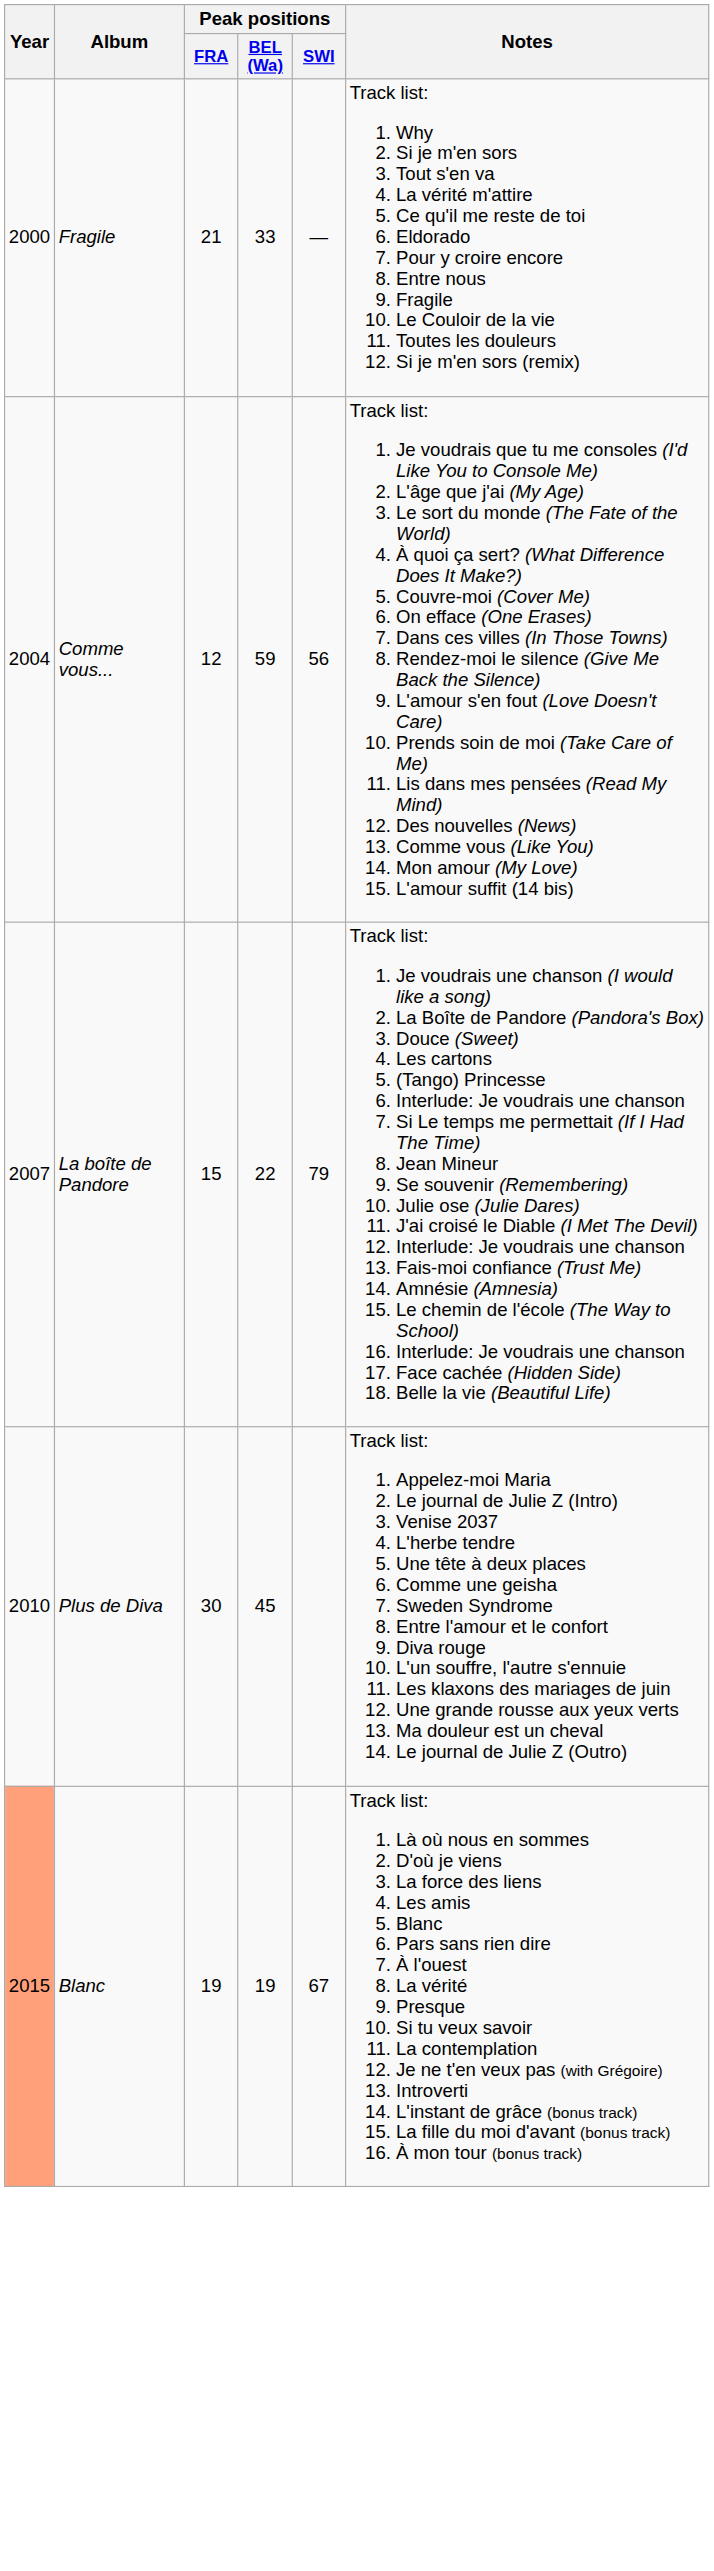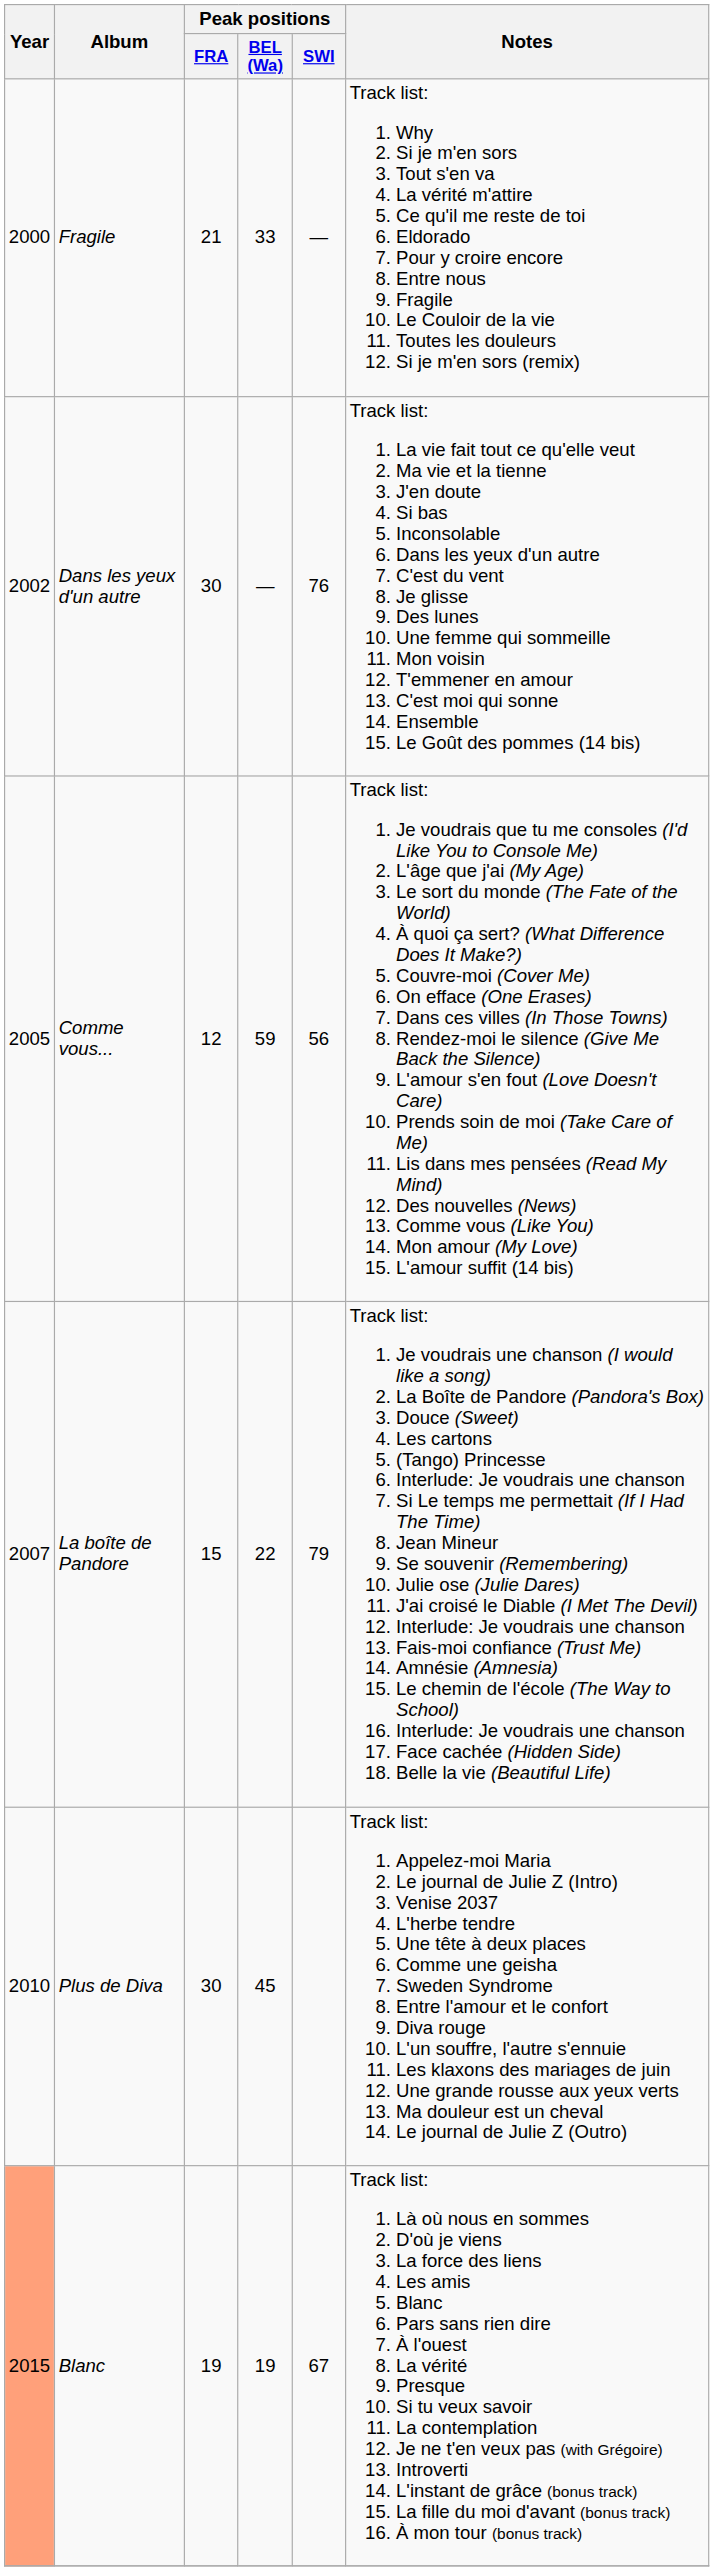 <table class="wikitable">
 <tr>
 <th align="center" rowspan="2" width="10">Year</th>
 <th align="center" rowspan="2" width="120">Album</th>
 <th align="center" colspan="3" width="20">Peak positions</th>
 <th align="center" rowspan="2" width="360">Notes</th>
 </tr>
 <tr>
 <th scope="col" style="width:3em;font-size:90%;"><a href='#'>FRA</a><br></th>
 <th scope="col" style="width:3em;font-size:90%;"><a href='#'>BEL <br>(Wa)</a><br></th>
 <th scope="col" style="width:3em;font-size:90%;"><a href='#'>SWI</a><br></th>
 </tr>
 <tr>
 <td style="text-align:center;">2000</td>
 <td><em>Fragile</em></td>
 <td style="text-align:center;">21</td>
 <td style="text-align:center;">33</td>
 <td style="text-align:center;">—</td>
 <td style="text-align:left;">Track list:<br><ol><li>Why</li><li>Si je m'en sors</li><li>Tout s'en va</li><li>La vérité m'attire</li><li>Ce qu'il me reste de toi</li><li>Eldorado</li><li>Pour y croire encore</li><li>Entre nous</li><li>Fragile</li><li>Le Couloir de la vie</li><li>Toutes les douleurs</li><li>Si je m'en sors (remix)</li></ol></td>
 </tr>
 <tr>
-<td style="text-align:center;">2004</td>
+<td style="text-align:center;">2002</td>
+<td><em>Dans les yeux d'un autre</em></td>
+<td style="text-align:center;">30</td>
+<td style="text-align:center;">—</td>
+<td style="text-align:center;">76</td>
+<td style="text-align:left;">Track list:<br><ol><li>La vie fait tout ce qu'elle veut</li><li>Ma vie et la tienne</li><li>J'en doute</li><li>Si bas</li><li>Inconsolable</li><li>Dans les yeux d'un autre</li><li>C'est du vent</li><li>Je glisse</li><li>Des lunes</li><li>Une femme qui sommeille</li><li>Mon voisin</li><li>T'emmener en amour</li><li>C'est moi qui sonne</li><li>Ensemble</li><li>Le Goût des pommes (14 bis)</li></ol></td>
+</tr>
+<tr>
+<td style="text-align:center;">2005</td>
 <td><em>Comme vous...</em></td>
 <td style="text-align:center;">12</td>
 <td style="text-align:center;">59</td>
 <td style="text-align:center;">56</td>
 <td style="text-align:left;">Track list:<br><ol><li>Je voudrais que tu me consoles <em>(I'd Like You to Console Me)</em></li><li>L'âge que j'ai <em>(My Age)</em></li><li>Le sort du monde<em> (The Fate of the World)</em></li><li>À quoi ça sert? <em>(What Difference Does It Make?)</em></li><li>Couvre-moi <em>(Cover Me)</em></li><li>On efface <em>(One Erases)</em></li><li>Dans ces villes <em>(In Those Towns)</em></li><li>Rendez-moi le silence <em>(Give Me Back the Silence)</em></li><li>L'amour s'en fout <em>(Love Doesn't Care)</em></li><li>Prends soin de moi <em>(Take Care of Me)</em></li><li>Lis dans mes pensées <em>(Read My Mind)</em></li><li>Des nouvelles <em>(News)</em></li><li>Comme vous <em>(Like You)</em></li><li>Mon amour <em>(My Love)</em></li><li>L'amour suffit (14 bis)</li></ol></td>
 </tr>
 <tr>
 <td style="text-align:center;">2007</td>
 <td><em>La boîte de Pandore</em></td>
 <td style="text-align:center;">15</td>
 <td style="text-align:center;">22</td>
 <td style="text-align:center;">79</td>
 <td style="text-align:left;">Track list:<br><ol><li>Je voudrais une chanson <em>(I would like a song)</em></li><li>La Boîte de Pandore <em>(Pandora's Box)</em></li><li>Douce <em>(Sweet)</em></li><li>Les cartons</li><li>(Tango) Princesse</li><li>Interlude: Je voudrais une chanson</li><li>Si Le temps me permettait <em>(If I Had The Time)</em></li><li>Jean Mineur</li><li>Se souvenir <em>(Remembering)</em></li><li>Julie ose <em>(Julie Dares)</em></li><li>J'ai croisé le Diable <em>(I Met The Devil)</em></li><li>Interlude: Je voudrais une chanson</li><li>Fais-moi confiance <em>(Trust Me)</em></li><li>Amnésie <em>(Amnesia)</em></li><li>Le chemin de l'école <em>(The Way to School)</em></li><li>Interlude: Je voudrais une chanson</li><li>Face cachée <em>(Hidden Side)</em></li><li>Belle la vie <em>(Beautiful Life)</em></li></ol></td>
 </tr>
 <tr>
 <td style="text-align:center;">2010</td>
 <td><em>Plus de Diva</em></td>
 <td style="text-align:center;">30</td>
 <td style="text-align:center;">45</td>
 <td style="text-align:center;"></td>
 <td style="text-align:left;">Track list:<br><ol><li>Appelez-moi Maria</li><li>Le journal de Julie Z (Intro)</li><li>Venise 2037</li><li>L'herbe tendre</li><li>Une tête à deux places</li><li>Comme une geisha</li><li>Sweden Syndrome</li><li>Entre l'amour et le confort</li><li>Diva rouge</li><li>L'un souffre, l'autre s'ennuie</li><li>Les klaxons des mariages de juin</li><li>Une grande rousse aux yeux verts</li><li>Ma douleur est un cheval</li><li>Le journal de Julie Z (Outro)</li></ol></td>
 </tr>
 <tr>
 <td style="background: lightsalmon; text-align:center;">2015</td>
 <td><em>Blanc</em></td>
 <td style="text-align:center;">19</td>
 <td style="text-align:center;">19</td>
 <td style="text-align:center;">67</td>
 <td style="text-align:left;">Track list:<br><ol><li>Là où nous en sommes</li><li>D'où je viens</li><li>La force des liens</li><li>Les amis</li><li>Blanc</li><li>Pars sans rien dire</li><li>À l'ouest</li><li>La vérité</li><li>Presque</li><li>Si tu veux savoir</li><li>La contemplation</li><li>Je ne t'en veux pas <small>(with Grégoire)</small></li><li>Introverti</li><li>L'instant de grâce <small>(bonus track)</small></li><li>La fille du moi d'avant <small>(bonus track)</small></li><li>À mon tour <small>(bonus track)</small></li></ol></td>
 </tr>
 <tr>
 </tr>
 </table>
